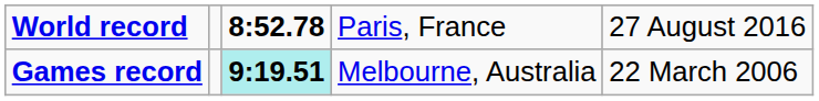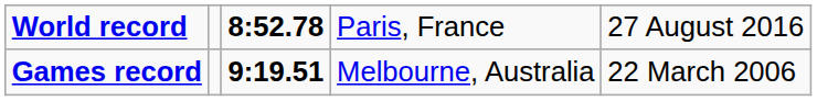 <table class="wikitable">
 <tr>
 <td><a href='#'><strong>World record</strong></a></td>
 <td></td>
 <td><strong>8:52.78</strong></td>
 <td><a href='#'>Paris</a>, France</td>
 <td>27 August 2016</td>
 </tr>
 <tr>
 <td><a href='#'><strong>Games record</strong></a></td>
 <td></td>
-<td style="background: paleturquoise;"><strong>9:19.51</strong></td>
+<td><strong>9:19.51</strong></td>
 <td><a href='#'>Melbourne</a>, Australia</td>
 <td>22 March 2006</td>
 </tr>
 </table>
